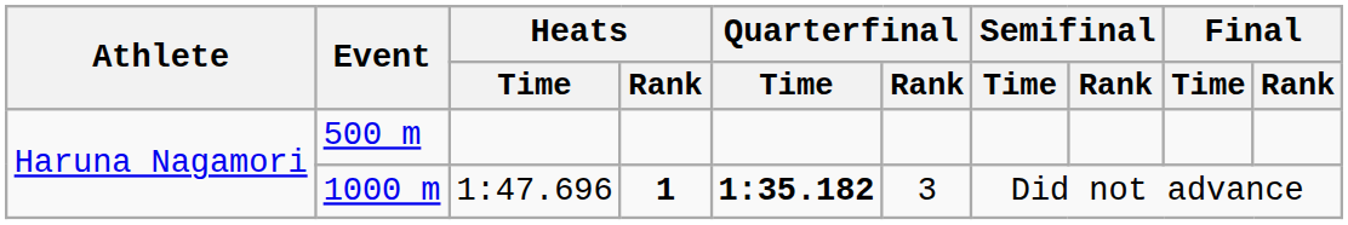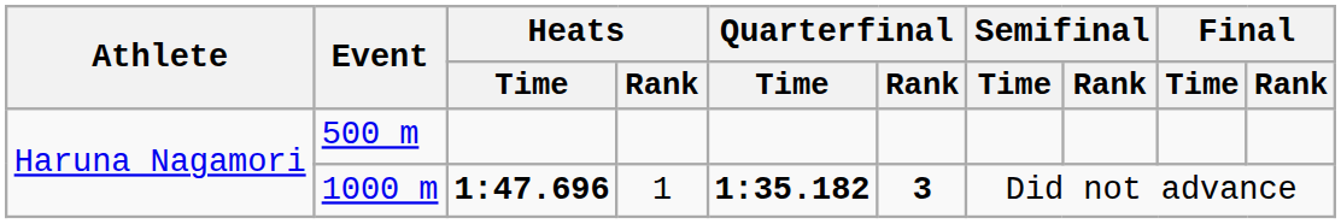 <table class="wikitable" style="font-size:90%">
 <tr>
 <th rowspan=2>Athlete</th>
 <th rowspan=2>Event</th>
 <th colspan=2>Heats</th>
 <th colspan=2>Quarterfinal</th>
 <th colspan=2>Semifinal</th>
 <th colspan=2>Final</th>
 </tr>
 <tr style="font-size:95%">
 <th>Time</th>
 <th>Rank</th>
 <th>Time</th>
 <th>Rank</th>
 <th>Time</th>
 <th>Rank</th>
 <th>Time</th>
 <th>Rank</th>
 </tr>
 <tr align=center>
 <td align=left rowspan=2><a href='#'>Haruna Nagamori</a></td>
 <td align=left><a href='#'>500 m</a></td>
 <td></td>
 <td></td>
 <td></td>
 <td></td>
 <td></td>
 <td></td>
 <td></td>
 <td></td>
 </tr>
 <tr align=center>
 <td align=left><a href='#'>1000 m</a></td>
-<td>1:47.696</td>
-<td><strong>1</strong></td>
+<td><strong>1:47.696</strong></td>
+<td>1</td>
 <td><strong>1:35.182</strong></td>
-<td>3</td>
+<td><strong>3</strong></td>
 <td colspan=4>Did not advance</td>
 </tr>
 </table>
